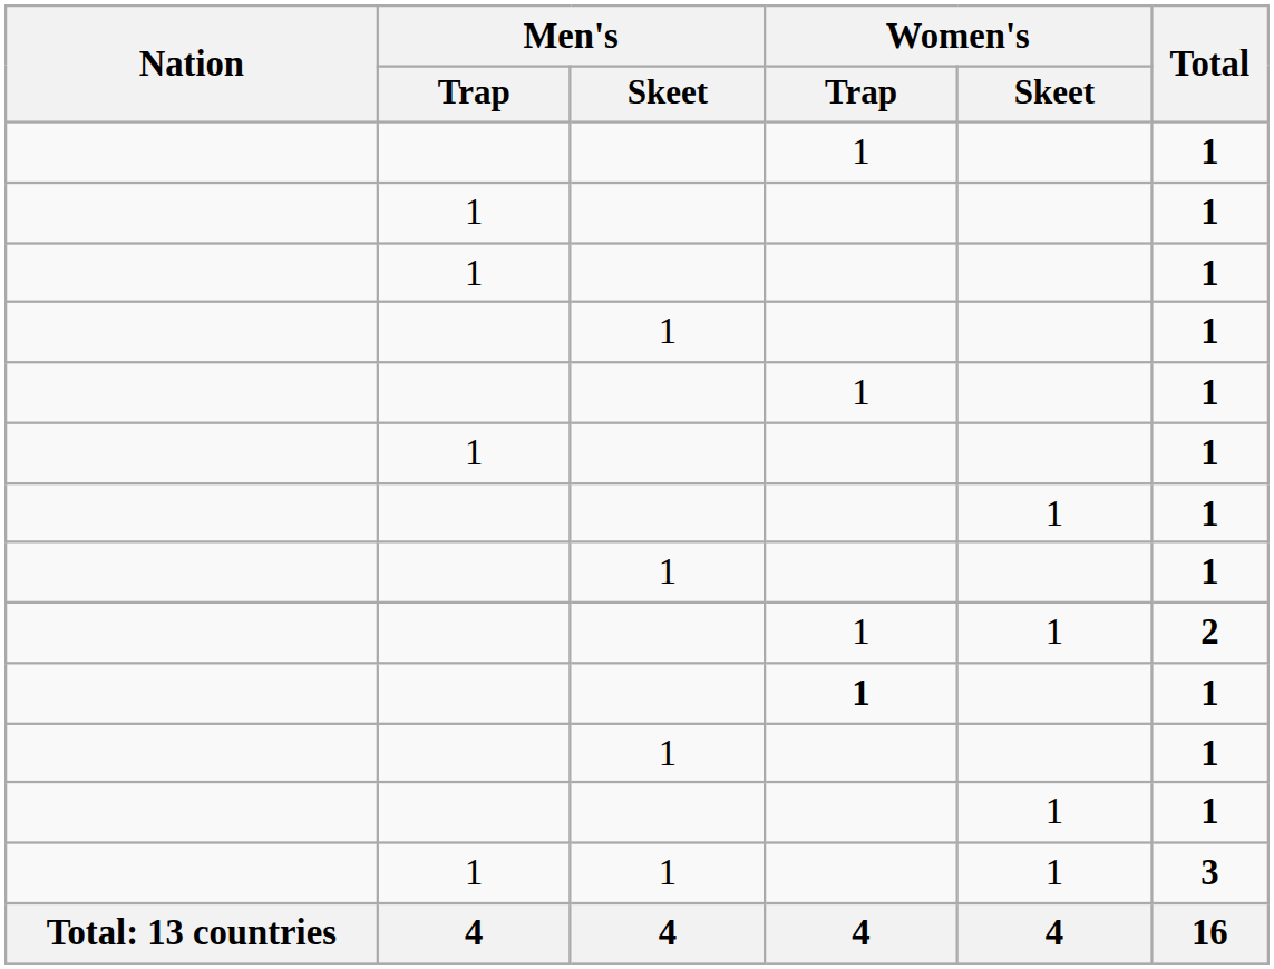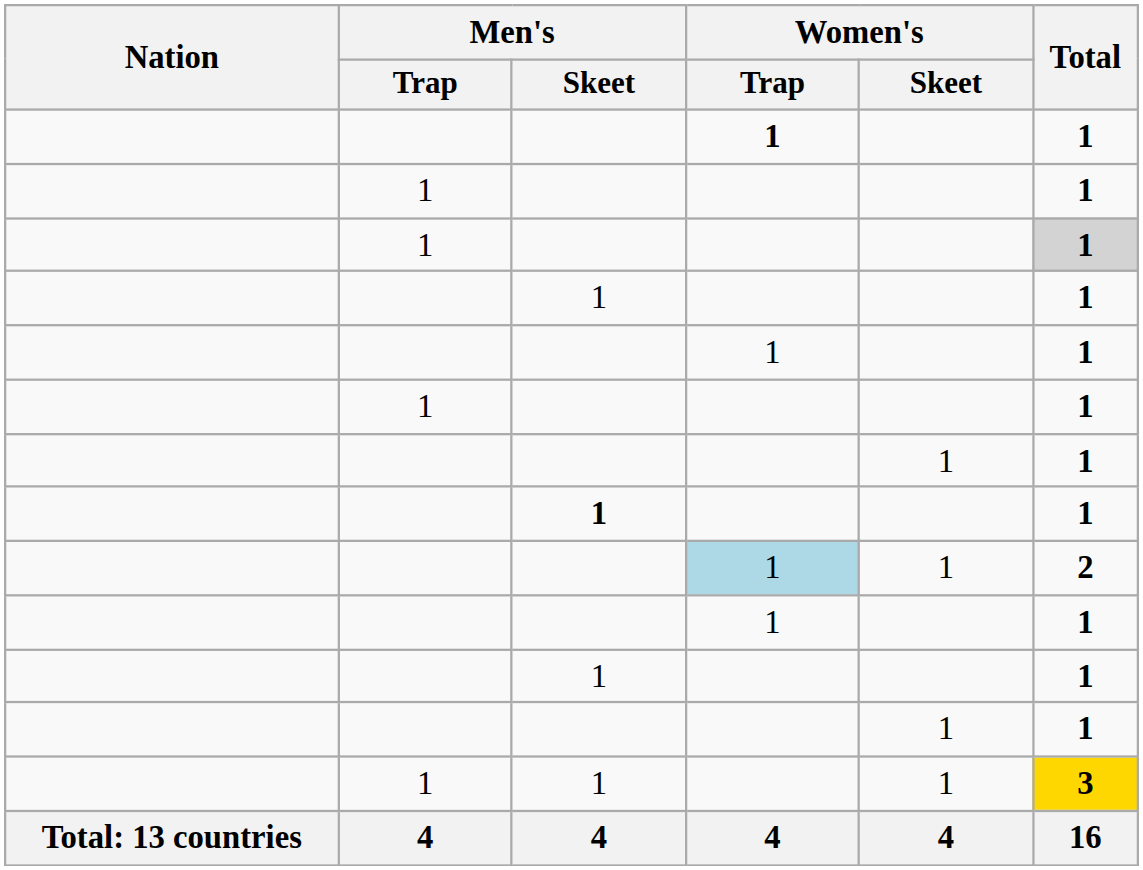 <table class="wikitable" width=500 style="text-align:center; font-size:90%">
 <tr>
 <th rowspan="2" align="left">Nation</th>
 <th colspan="2">Men's</th>
 <th colspan="2">Women's</th>
 <th rowspan="2">Total</th>
 </tr>
 <tr style="font-size:95%">
 <th width=70>Trap</th>
 <th width=70>Skeet</th>
 <th width=70>Trap</th>
 <th width=70>Skeet</th>
 </tr>
 <tr>
 <td align=left></td>
 <td></td>
 <td></td>
-<td>1</td>
+<td><strong>1</strong></td>
 <td></td>
 <td><strong>1</strong></td>
 </tr>
 <tr>
 <td align=left></td>
 <td>1</td>
 <td></td>
 <td></td>
 <td></td>
 <td><strong>1</strong></td>
 </tr>
 <tr>
 <td align=left></td>
 <td>1</td>
 <td></td>
 <td></td>
 <td></td>
-<td><strong>1</strong></td>
+<td style="background: lightgrey;"><strong>1</strong></td>
 </tr>
 <tr>
 <td align=left></td>
 <td></td>
 <td>1</td>
 <td></td>
 <td></td>
 <td><strong>1</strong></td>
 </tr>
 <tr>
 <td align=left></td>
 <td></td>
 <td></td>
 <td>1</td>
 <td></td>
 <td><strong>1</strong></td>
 </tr>
 <tr>
 <td align=left></td>
 <td>1</td>
 <td></td>
 <td></td>
 <td></td>
 <td><strong>1</strong></td>
 </tr>
 <tr>
 <td align=left></td>
 <td></td>
 <td></td>
 <td></td>
 <td>1</td>
 <td><strong>1</strong></td>
 </tr>
 <tr>
 <td align=left></td>
 <td></td>
-<td>1</td>
+<td><strong>1</strong></td>
 <td></td>
 <td></td>
 <td><strong>1</strong></td>
 </tr>
 <tr>
 <td align=left></td>
 <td></td>
 <td></td>
-<td>1</td>
+<td style="background: lightblue;">1</td>
 <td>1</td>
 <td><strong>2</strong></td>
 </tr>
 <tr>
 <td align=left></td>
 <td></td>
 <td></td>
-<td><strong>1</strong></td>
+<td>1</td>
 <td></td>
 <td><strong>1</strong></td>
 </tr>
 <tr>
 <td align=left></td>
 <td></td>
 <td>1</td>
 <td></td>
 <td></td>
 <td><strong>1</strong></td>
 </tr>
 <tr>
 <td align=left></td>
 <td></td>
 <td></td>
 <td></td>
 <td>1</td>
 <td><strong>1</strong></td>
 </tr>
 <tr>
 <td align=left></td>
 <td>1</td>
 <td>1</td>
 <td></td>
 <td>1</td>
-<td><strong>3</strong></td>
+<td style="background: gold;"><strong>3</strong></td>
 </tr>
 <tr>
 <th>Total: 13 countries</th>
 <th>4</th>
 <th>4</th>
 <th>4</th>
 <th>4</th>
 <th>16</th>
 </tr>
 </table>
